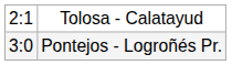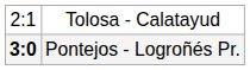 <table class="wikitable">
 <tr align=center bgcolor=white>
 <td>2:1</td>
 <td>Tolosa - Calatayud</td>
 </tr>
 <tr align=center bgcolor=#F5F5F5>
-<td>3:0</td>
+<td><strong>3:0</strong></td>
 <td>Pontejos - Logroñés Pr.</td>
 </tr>
 </table>
